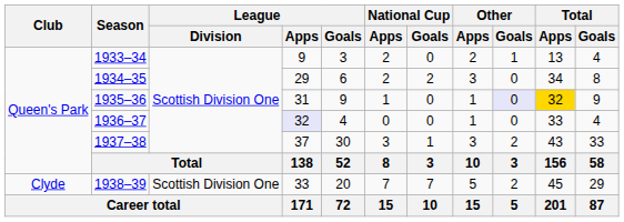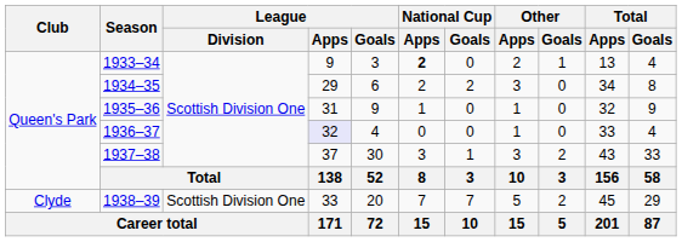 <table class="wikitable" style="text-align: center;">
 <tr>
 <th rowspan="2">Club</th>
 <th rowspan="2">Season</th>
 <th colspan="3">League</th>
 <th colspan="2">National Cup</th>
 <th colspan="2">Other</th>
 <th colspan="2">Total</th>
 </tr>
 <tr>
 <th>Division</th>
 <th>Apps</th>
 <th>Goals</th>
 <th>Apps</th>
 <th>Goals</th>
 <th>Apps</th>
 <th>Goals</th>
 <th>Apps</th>
 <th>Goals</th>
 </tr>
 <tr>
 <td rowspan = "6"><a href='#'>Queen's Park</a></td>
 <td><a href='#'>1933–34</a></td>
 <td rowspan = "5"><a href='#'>Scottish Division One</a></td>
 <td>9</td>
 <td>3</td>
-<td>2</td>
+<td><strong>2</strong></td>
 <td>0</td>
 <td>2</td>
 <td>1</td>
 <td>13</td>
 <td>4</td>
 </tr>
 <tr>
 <td><a href='#'>1934–35</a></td>
 <td>29</td>
 <td>6</td>
 <td>2</td>
 <td>2</td>
 <td>3</td>
 <td>0</td>
 <td>34</td>
 <td>8</td>
 </tr>
 <tr>
 <td><a href='#'>1935–36</a></td>
 <td>31</td>
 <td>9</td>
 <td>1</td>
 <td>0</td>
 <td>1</td>
-<td style="background: lavender;">0</td>
-<td style="background: gold;">32</td>
+<td>0</td>
+<td>32</td>
 <td>9</td>
 </tr>
 <tr>
 <td><a href='#'>1936–37</a></td>
 <td style="background: lavender;">32</td>
 <td>4</td>
 <td>0</td>
 <td>0</td>
 <td>1</td>
 <td>0</td>
 <td>33</td>
 <td>4</td>
 </tr>
 <tr>
 <td><a href='#'>1937–38</a></td>
 <td>37</td>
 <td>30</td>
 <td>3</td>
 <td>1</td>
 <td>3</td>
 <td>2</td>
 <td>43</td>
 <td>33</td>
 </tr>
 <tr>
 <th colspan="2">Total</th>
 <th>138</th>
 <th>52</th>
 <th>8</th>
 <th>3</th>
 <th>10</th>
 <th>3</th>
 <th>156</th>
 <th>58</th>
 </tr>
 <tr>
 <td><a href='#'>Clyde</a></td>
 <td><a href='#'>1938–39</a></td>
 <td>Scottish Division One</td>
 <td>33</td>
 <td>20</td>
 <td>7</td>
 <td>7</td>
 <td>5</td>
 <td>2</td>
 <td>45</td>
 <td>29</td>
 </tr>
 <tr>
 <th colspan="3">Career total</th>
 <th>171</th>
 <th>72</th>
 <th>15</th>
 <th>10</th>
 <th>15</th>
 <th>5</th>
 <th>201</th>
 <th>87</th>
 </tr>
 </table>
